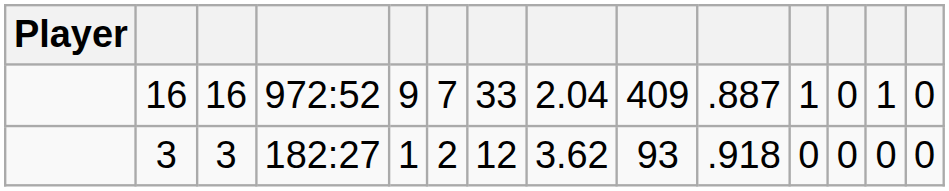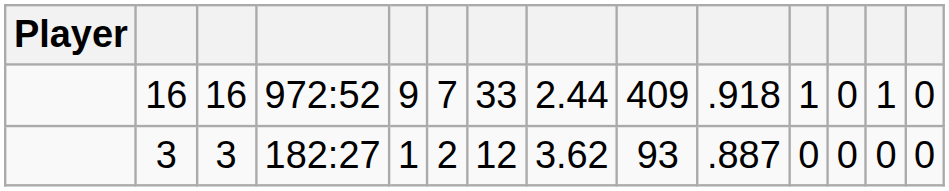 <table class="wikitable sortable" style="text-align:center;">
 <tr>
 <th>Player</th>
 <th></th>
 <th></th>
 <th></th>
 <th></th>
 <th></th>
 <th></th>
 <th></th>
 <th></th>
 <th></th>
 <th></th>
 <th></th>
 <th></th>
 <th></th>
 </tr>
 <tr>
 <td></td>
 <td>16</td>
 <td>16</td>
 <td>972:52</td>
 <td>9</td>
 <td>7</td>
 <td>33</td>
-<td>2.04</td>
+<td>2.44</td>
 <td>409</td>
-<td>.887</td>
+<td>.918</td>
 <td>1</td>
 <td>0</td>
 <td>1</td>
 <td>0</td>
 </tr>
 <tr>
 <td></td>
 <td>3</td>
 <td>3</td>
 <td>182:27</td>
 <td>1</td>
 <td>2</td>
 <td>12</td>
 <td>3.62</td>
 <td>93</td>
-<td>.918</td>
+<td>.887</td>
 <td>0</td>
 <td>0</td>
 <td>0</td>
 <td>0</td>
 </tr>
 </table>
